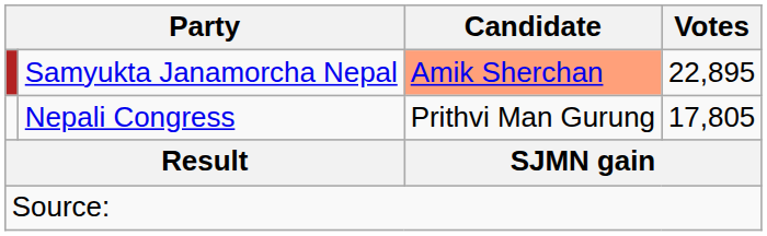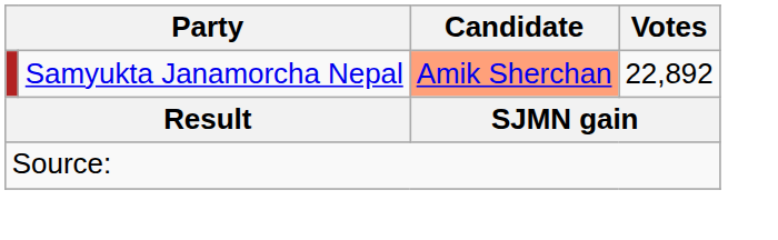 <table class="wikitable">
 <tr>
 <th colspan="2">Party</th>
 <th>Candidate</th>
 <th>Votes</th>
 </tr>
 <tr>
 <td style="background-color:firebrick"></td>
 <td><a href='#'>Samyukta Janamorcha Nepal</a></td>
 <td style="background: lightsalmon;"><a href='#'>Amik Sherchan</a></td>
-<td>22,895</td>
-</tr>
-<tr>
-<td style="background-color:"></td>
-<td><a href='#'>Nepali Congress</a></td>
-<td>Prithvi Man Gurung</td>
-<td>17,805</td>
+<td>22,892</td>
 </tr>
 <tr>
 <th colspan="2">Result</th>
 <th colspan="2">SJMN gain</th>
 </tr>
 <tr>
 <td colspan="4">Source: </td>
 </tr>
 </table>
